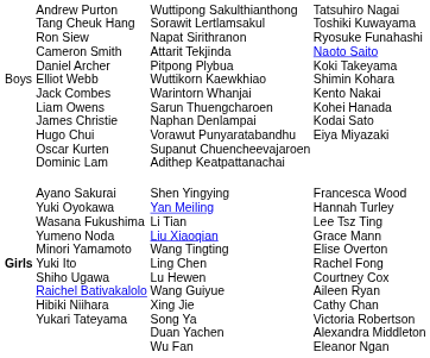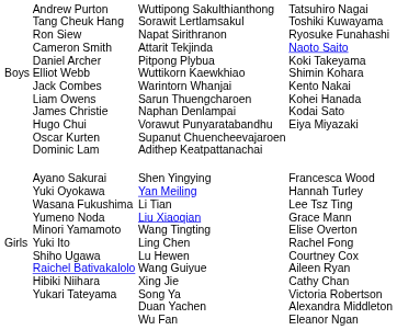 <table>
 <tr>
 <td>Boys</td>
 <td><br>Andrew Purton<br>Tang Cheuk Hang<br>Ron Siew<br>Cameron Smith<br>Daniel Archer<br>Elliot Webb<br>Jack Combes<br>Liam Owens<br>James Christie<br>Hugo Chui<br>Oscar Kurten<br>Dominic Lam</td>
 <td><br>Wuttipong Sakulthianthong<br>Sorawit Lertlamsakul<br>Napat Sirithranon<br>Attarit Tekjinda<br>Pitpong Plybua<br>Wuttikorn Kaewkhiao<br>Warintorn Whanjai<br>Sarun Thuengcharoen<br>Naphan Denlampai<br>Vorawut Punyaratabandhu<br>Supanut Chuencheevajaroen<br>Adithep Keatpattanachai</td>
 <td valign=top><br>Tatsuhiro Nagai<br>Toshiki Kuwayama<br>Ryosuke Funahashi<br><a href='#'>Naoto Saito</a><br>Koki Takeyama<br>Shimin Kohara<br>Kento Nakai<br>Kohei Hanada<br>Kodai Sato<br>Eiya Miyazaki</td>
 </tr>
 <tr>
-<td><strong>Girls</strong></td>
+<td>Girls</td>
 <td valign=top><br>Ayano Sakurai<br>Yuki Oyokawa<br>Wasana Fukushima<br>Yumeno Noda<br>Minori Yamamoto<br>Yuki Ito<br>Shiho Ugawa<br><a href='#'>Raichel Bativakalolo</a><br>Hibiki Niihara<br>Yukari Tateyama</td>
 <td><br>Shen Yingying<br><a href='#'>Yan Meiling</a><br>Li Tian<br><a href='#'>Liu Xiaoqian</a><br>Wang Tingting<br>Ling Chen<br>Lu Hewen<br>Wang Guiyue<br>Xing Jie<br>Song Ya<br>Duan Yachen<br>Wu Fan</td>
 <td><br>Francesca Wood<br>Hannah Turley<br>Lee Tsz Ting<br>Grace Mann<br>Elise Overton<br>Rachel Fong<br>Courtney Cox<br>Aileen Ryan<br>Cathy Chan<br>Victoria Robertson<br>Alexandra Middleton<br>Eleanor Ngan</td>
 </tr>
 </table>
